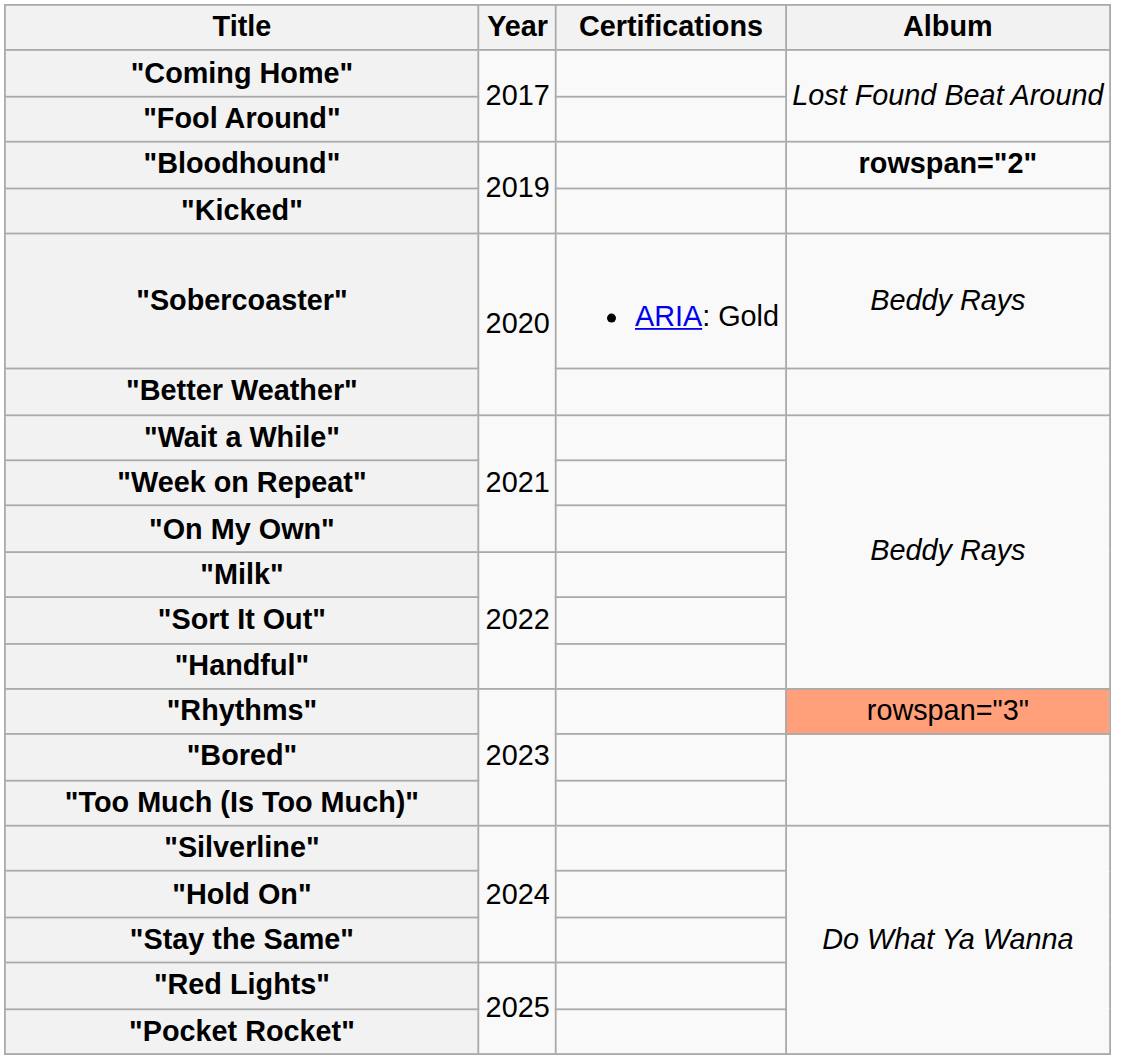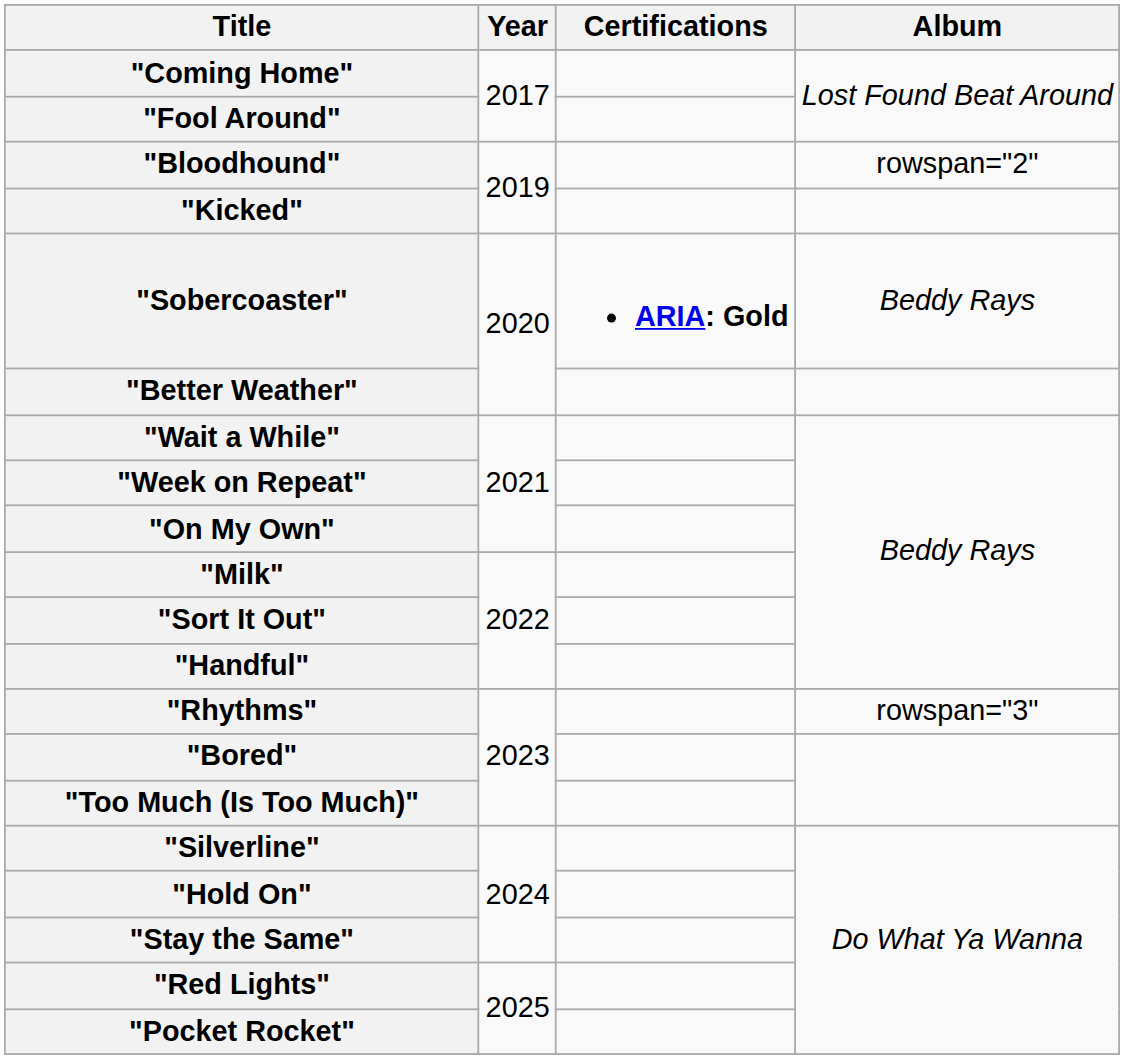 <table class="wikitable plainrowheaders" style="text-align:center;">
 <tr>
 <th scope="col" rowspan="1" style="width:16em;">Title</th>
 <th scope="col" rowspan="1">Year</th>
 <th scope="col" rowspan="1">Certifications</th>
 <th scope="col" rowspan="1">Album</th>
 </tr>
 <tr>
 <th scope="row">"Coming Home"</th>
 <td rowspan="2">2017</td>
 <td></td>
 <td rowspan="2"><em>Lost Found Beat Around</em></td>
 </tr>
 <tr>
 <th scope="row">"Fool Around"</th>
 <td></td>
 </tr>
 <tr>
 <th scope="row">"Bloodhound"</th>
 <td rowspan="2">2019</td>
 <td></td>
-<td><strong>rowspan="2" </strong></td>
+<td>rowspan="2" </td>
 </tr>
 <tr>
 <th scope="row">"Kicked"</th>
 <td></td>
 </tr>
 <tr>
 <th scope="row">"Sobercoaster"</th>
 <td rowspan="2">2020</td>
-<td><br><ul><li><a href='#'>ARIA</a>: Gold</li></ul></td>
+<td><strong><br><ul><li><a href='#'>ARIA</a>: Gold</li></ul></strong></td>
 <td><em>Beddy Rays</em></td>
 </tr>
 <tr>
 <th scope="row">"Better Weather"</th>
 <td></td>
 <td></td>
 </tr>
 <tr>
 <th scope="row">"Wait a While"</th>
 <td rowspan="3">2021</td>
 <td></td>
 <td rowspan="6"><em>Beddy Rays</em></td>
 </tr>
 <tr>
 <th scope="row">"Week on Repeat"</th>
 <td></td>
 </tr>
 <tr>
 <th scope="row">"On My Own"</th>
 <td></td>
 </tr>
 <tr>
 <th scope="row">"Milk"</th>
 <td rowspan="3">2022</td>
 <td></td>
 </tr>
 <tr>
 <th scope="row">"Sort It Out"</th>
 <td></td>
 </tr>
 <tr>
 <th scope="row">"Handful"</th>
 <td></td>
 </tr>
 <tr>
 <th scope="row">"Rhythms"</th>
 <td rowspan="3">2023</td>
 <td></td>
-<td style="background: lightsalmon;">rowspan="3" </td>
+<td>rowspan="3" </td>
 </tr>
 <tr>
 <th scope="row">"Bored"</th>
 <td></td>
 </tr>
 <tr>
 <th scope="row">"Too Much (Is Too Much)"</th>
 <td></td>
 </tr>
 <tr>
 <th scope="row">"Silverline"</th>
 <td rowspan="3">2024</td>
 <td></td>
 <td rowspan="5"><em>Do What Ya Wanna</em></td>
 </tr>
 <tr>
 <th scope="row">"Hold On"</th>
 <td></td>
 </tr>
 <tr>
 <th scope="row">"Stay the Same"</th>
 <td></td>
 </tr>
 <tr>
 <th scope="row">"Red Lights"</th>
 <td rowspan="2">2025</td>
 <td></td>
 </tr>
 <tr>
 <th scope="row">"Pocket Rocket"</th>
 <td></td>
 </tr>
 <tr>
 </tr>
 </table>
